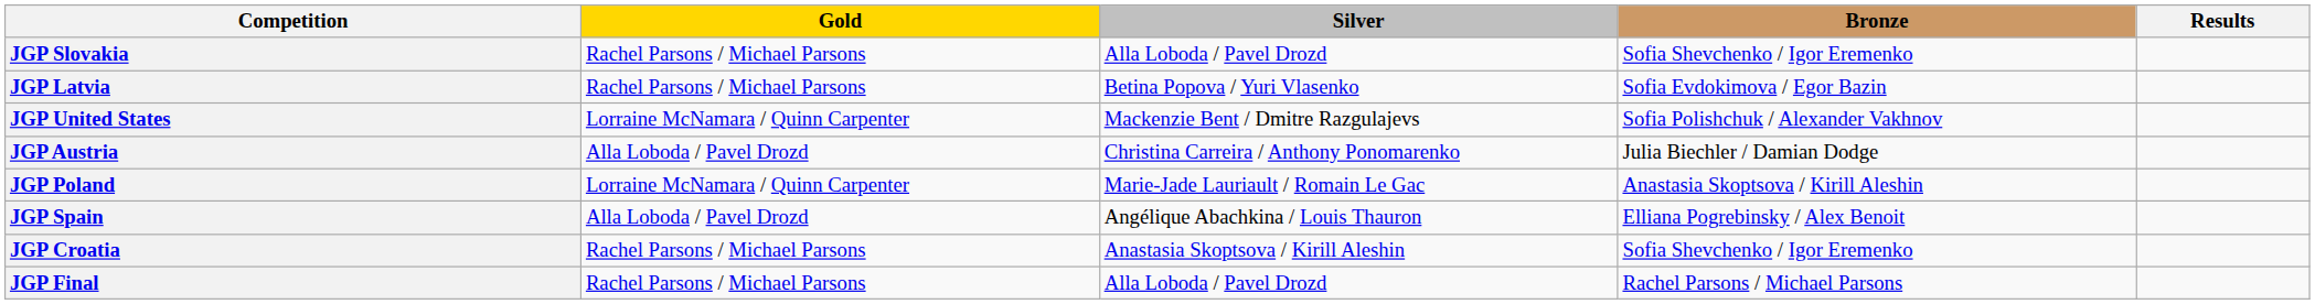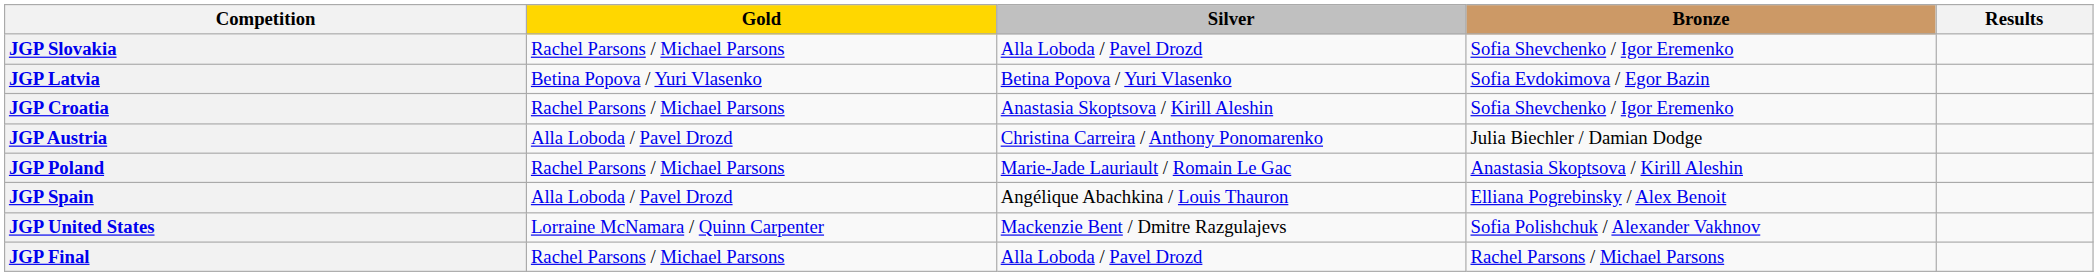 <table class="wikitable unsortable" style="text-align:left; width:90%">
 <tr>
 <th scope="col" style="text-align:center; width:25%;">Competition</th>
 <td scope="col" style="text-align:center; width:22.5%; background:gold"><strong>Gold</strong></td>
 <td scope="col" style="text-align:center; width:22.5%; background:silver"><strong>Silver</strong></td>
 <td scope="col" style="text-align:center; width:22.5%; background:#c96"><strong>Bronze</strong></td>
 <th scope="col" style="text-align:center; width:7.5%;">Results</th>
 </tr>
 <tr>
 <th scope="row" style="text-align:left"> <a href='#'>JGP Slovakia</a></th>
 <td> <a href='#'>Rachel Parsons</a> / <a href='#'>Michael Parsons</a></td>
 <td> <a href='#'>Alla Loboda</a> / <a href='#'>Pavel Drozd</a></td>
 <td> <a href='#'>Sofia Shevchenko</a> / <a href='#'>Igor Eremenko</a></td>
 <td></td>
 </tr>
 <tr>
 <th scope="row" style="text-align:left"> <a href='#'>JGP Latvia</a></th>
-<td> <a href='#'>Rachel Parsons</a> / <a href='#'>Michael Parsons</a></td>
+<td> <a href='#'>Betina Popova</a> / <a href='#'>Yuri Vlasenko</a></td>
 <td> <a href='#'>Betina Popova</a> / <a href='#'>Yuri Vlasenko</a></td>
 <td> <a href='#'>Sofia Evdokimova</a> / <a href='#'>Egor Bazin</a></td>
 <td></td>
 </tr>
 <tr>
-<th scope="row" style="text-align:left"> <a href='#'>JGP United States</a></th>
-<td> <a href='#'>Lorraine McNamara</a> / <a href='#'>Quinn Carpenter</a></td>
-<td> <a href='#'>Mackenzie Bent</a> / Dmitre Razgulajevs</td>
-<td> <a href='#'>Sofia Polishchuk</a> / <a href='#'>Alexander Vakhnov</a></td>
+<th scope="row" style="text-align:left"> <a href='#'>JGP Croatia</a></th>
+<td> <a href='#'>Rachel Parsons</a> / <a href='#'>Michael Parsons</a></td>
+<td> <a href='#'>Anastasia Skoptsova</a> / <a href='#'>Kirill Aleshin</a></td>
+<td> <a href='#'>Sofia Shevchenko</a> / <a href='#'>Igor Eremenko</a></td>
 <td></td>
 </tr>
 <tr>
 <th scope="row" style="text-align:left"> <a href='#'>JGP Austria</a></th>
 <td> <a href='#'>Alla Loboda</a> / <a href='#'>Pavel Drozd</a></td>
 <td> <a href='#'>Christina Carreira</a> / <a href='#'>Anthony Ponomarenko</a></td>
 <td> Julia Biechler / Damian Dodge</td>
 <td></td>
 </tr>
 <tr>
 <th scope="row" style="text-align:left"> <a href='#'>JGP Poland</a></th>
-<td> <a href='#'>Lorraine McNamara</a> / <a href='#'>Quinn Carpenter</a></td>
+<td> <a href='#'>Rachel Parsons</a> / <a href='#'>Michael Parsons</a></td>
 <td> <a href='#'>Marie-Jade Lauriault</a> / <a href='#'>Romain Le Gac</a></td>
 <td> <a href='#'>Anastasia Skoptsova</a> / <a href='#'>Kirill Aleshin</a></td>
 <td></td>
 </tr>
 <tr>
 <th scope="row" style="text-align:left"> <a href='#'>JGP Spain</a></th>
 <td> <a href='#'>Alla Loboda</a> / <a href='#'>Pavel Drozd</a></td>
 <td> Angélique Abachkina / <a href='#'>Louis Thauron</a></td>
 <td> <a href='#'>Elliana Pogrebinsky</a> / <a href='#'>Alex Benoit</a></td>
 <td></td>
 </tr>
 <tr>
-<th scope="row" style="text-align:left"> <a href='#'>JGP Croatia</a></th>
-<td> <a href='#'>Rachel Parsons</a> / <a href='#'>Michael Parsons</a></td>
-<td> <a href='#'>Anastasia Skoptsova</a> / <a href='#'>Kirill Aleshin</a></td>
-<td> <a href='#'>Sofia Shevchenko</a> / <a href='#'>Igor Eremenko</a></td>
+<th scope="row" style="text-align:left"> <a href='#'>JGP United States</a></th>
+<td> <a href='#'>Lorraine McNamara</a> / <a href='#'>Quinn Carpenter</a></td>
+<td> <a href='#'>Mackenzie Bent</a> / Dmitre Razgulajevs</td>
+<td> <a href='#'>Sofia Polishchuk</a> / <a href='#'>Alexander Vakhnov</a></td>
 <td></td>
 </tr>
 <tr>
 <th scope="row" style="text-align:left"> <a href='#'>JGP Final</a></th>
 <td> <a href='#'>Rachel Parsons</a> / <a href='#'>Michael Parsons</a></td>
 <td> <a href='#'>Alla Loboda</a> / <a href='#'>Pavel Drozd</a></td>
 <td> <a href='#'>Rachel Parsons</a> / <a href='#'>Michael Parsons</a></td>
 <td></td>
 </tr>
 </table>
